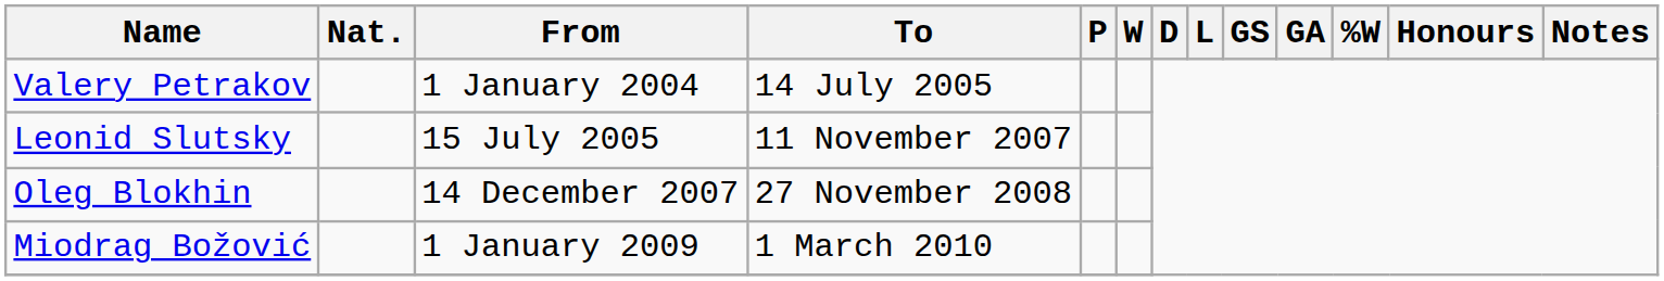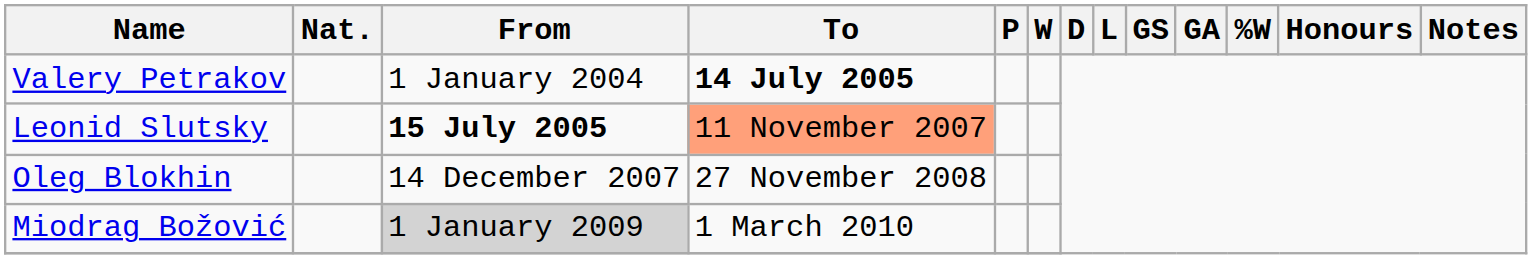 <table class="wikitable sortable" style="text-align: center">
 <tr>
 <th>Name</th>
 <th>Nat.</th>
 <th class="unsortable">From</th>
 <th class="unsortable">To</th>
 <th abbr="TOTAL OF MATCHES PLAYED">P</th>
 <th abbr="MATCHES WON">W</th>
 <th abbr="MATCHES DRAWN">D</th>
 <th abbr="MATCHES LOST">L</th>
 <th abbr="GOALS SCORED">GS</th>
 <th abbr="GOAL AGAINST">GA</th>
 <th abbr="PERCENTAGE OF MATCHES WON">%W</th>
 <th abbr="HONOURS">Honours</th>
 <th abbr="NOTES">Notes</th>
 </tr>
 <tr>
 <td align=left><a href='#'>Valery Petrakov</a></td>
 <td align=left></td>
 <td align=left>1 January 2004</td>
-<td align=left>14 July 2005<br></td>
+<td align=left><strong>14 July 2005<br></strong></td>
 <td></td>
 <td></td>
 </tr>
 <tr>
 <td align=left><a href='#'>Leonid Slutsky</a></td>
 <td align=left></td>
-<td align=left>15 July 2005</td>
-<td align=left>11 November 2007<br></td>
+<td align=left><strong>15 July 2005</strong></td>
+<td align=left style="background: lightsalmon;">11 November 2007<br></td>
 <td></td>
 <td></td>
 </tr>
 <tr>
 <td align=left><a href='#'>Oleg Blokhin</a></td>
 <td align=left></td>
 <td align=left>14 December 2007</td>
 <td align=left>27 November 2008<br></td>
 <td></td>
 <td></td>
 </tr>
 <tr>
 <td align=left><a href='#'>Miodrag Božović</a></td>
 <td align=left></td>
-<td align=left>1 January 2009</td>
+<td align=left style="background: lightgrey;">1 January 2009</td>
 <td align=left>1 March 2010<br></td>
 <td></td>
 <td></td>
 </tr>
 <tr>
 </tr>
 </table>
